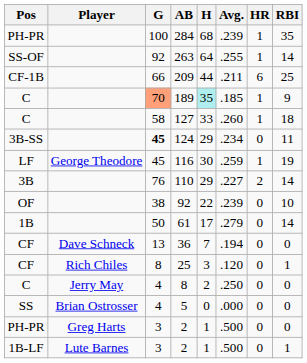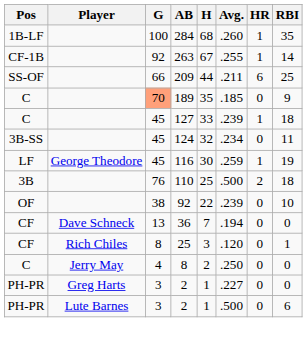 <table class="wikitable sortable">
 <tr>
 <th>Pos</th>
 <th>Player</th>
 <th>G</th>
 <th>AB</th>
 <th>H</th>
 <th>Avg.</th>
 <th>HR</th>
 <th>RBI</th>
 </tr>
 <tr align="center">
-<td>PH-PR</td>
+<td>1B-LF</td>
 <td></td>
 <td>100</td>
 <td>284</td>
 <td>68</td>
-<td>.239</td>
+<td>.260</td>
 <td>1</td>
 <td>35</td>
 </tr>
 <tr align="center">
-<td>SS-OF</td>
+<td>CF-1B</td>
 <td></td>
 <td>92</td>
 <td>263</td>
-<td>64</td>
+<td>67</td>
 <td>.255</td>
 <td>1</td>
 <td>14</td>
 </tr>
 <tr align="center">
-<td>CF-1B</td>
+<td>SS-OF</td>
 <td></td>
 <td>66</td>
 <td>209</td>
 <td>44</td>
 <td>.211</td>
 <td>6</td>
 <td>25</td>
 </tr>
 <tr align="center">
 <td>C</td>
 <td></td>
 <td style="background: lightsalmon;">70</td>
 <td>189</td>
-<td style="background: paleturquoise;">35</td>
+<td>35</td>
 <td>.185</td>
-<td>1</td>
+<td>0</td>
 <td>9</td>
 </tr>
 <tr align="center">
 <td>C</td>
 <td></td>
-<td>58</td>
+<td>45</td>
 <td>127</td>
 <td>33</td>
-<td>.260</td>
+<td>.239</td>
 <td>1</td>
 <td>18</td>
 </tr>
 <tr align=center>
 <td>3B-SS</td>
 <td></td>
-<td><strong>45</strong></td>
+<td>45</td>
 <td>124</td>
-<td>29</td>
+<td>32</td>
 <td>.234</td>
 <td>0</td>
 <td>11</td>
 </tr>
 <tr align="center">
 <td>LF</td>
 <td><a href='#'>George Theodore</a></td>
 <td>45</td>
 <td>116</td>
 <td>30</td>
 <td>.259</td>
 <td>1</td>
 <td>19</td>
 </tr>
 <tr align=center>
 <td>3B</td>
 <td></td>
 <td>76</td>
 <td>110</td>
-<td>29</td>
-<td>.227</td>
+<td>25</td>
+<td>.500</td>
 <td>2</td>
-<td>14</td>
+<td>18</td>
 </tr>
 <tr align="center">
 <td>OF</td>
 <td></td>
 <td>38</td>
 <td>92</td>
 <td>22</td>
 <td>.239</td>
 <td>0</td>
 <td>10</td>
-</tr>
-<tr align="center">
-<td>1B</td>
-<td></td>
-<td>50</td>
-<td>61</td>
-<td>17</td>
-<td>.279</td>
-<td>0</td>
-<td>14</td>
 </tr>
 <tr align="center">
 <td>CF</td>
 <td><a href='#'>Dave Schneck</a></td>
 <td>13</td>
 <td>36</td>
 <td>7</td>
 <td>.194</td>
 <td>0</td>
 <td>0</td>
 </tr>
 <tr align=center>
 <td>CF</td>
 <td><a href='#'>Rich Chiles</a></td>
 <td>8</td>
 <td>25</td>
 <td>3</td>
 <td>.120</td>
 <td>0</td>
 <td>1</td>
 </tr>
 <tr align=center>
 <td>C</td>
 <td><a href='#'>Jerry May</a></td>
 <td>4</td>
 <td>8</td>
 <td>2</td>
 <td>.250</td>
 <td>0</td>
 <td>0</td>
 </tr>
 <tr align=center>
-<td>SS</td>
-<td><a href='#'>Brian Ostrosser</a></td>
-<td>4</td>
-<td>5</td>
-<td>0</td>
-<td>.000</td>
+<td>PH-PR</td>
+<td><a href='#'>Greg Harts</a></td>
+<td>3</td>
+<td>2</td>
+<td>1</td>
+<td>.227</td>
 <td>0</td>
 <td>0</td>
 </tr>
 <tr align=center>
 <td>PH-PR</td>
-<td><a href='#'>Greg Harts</a></td>
-<td>3</td>
-<td>2</td>
-<td>1</td>
-<td>.500</td>
-<td>0</td>
-<td>0</td>
-</tr>
-<tr align=center>
-<td>1B-LF</td>
 <td><a href='#'>Lute Barnes</a></td>
 <td>3</td>
 <td>2</td>
 <td>1</td>
 <td>.500</td>
 <td>0</td>
-<td>1</td>
+<td>6</td>
 </tr>
 </table>
